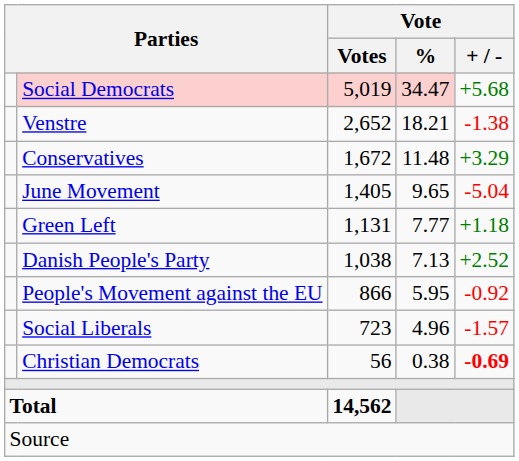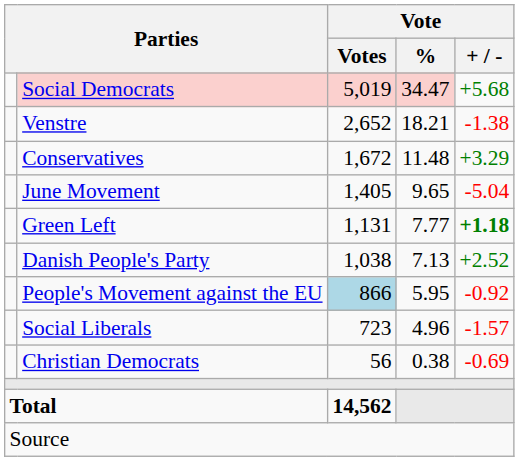 <table class="wikitable" style="text-align:right;">
 <tr>
 <th style="text-align:centre;" rowspan="2" colspan="2" width="225">Parties</th>
 <th colspan="3">Vote</th>
 </tr>
 <tr>
 <th width="15">Votes</th>
 <th width="15">%</th>
 <th width="15">+ / -</th>
 </tr>
 <tr>
 <td width="2" style="color:inherit;background:"></td>
 <td bgcolor=#fbd0ce   align="left"><a href='#'>Social Democrats</a></td>
 <td bgcolor=#fbd0ce>5,019</td>
 <td bgcolor=#fbd0ce>34.47</td>
 <td style=color:green;>+5.68</td>
 </tr>
 <tr>
 <td width="2" style="color:inherit;background:"></td>
 <td align="left"><a href='#'>Venstre</a></td>
 <td>2,652</td>
 <td>18.21</td>
 <td style=color:red;>-1.38</td>
 </tr>
 <tr>
 <td width="2" style="color:inherit;background:"></td>
 <td align="left"><a href='#'>Conservatives</a></td>
 <td>1,672</td>
 <td>11.48</td>
 <td style=color:green;>+3.29</td>
 </tr>
 <tr>
 <td width="2" style="color:inherit;background:"></td>
 <td align="left"><a href='#'>June Movement</a></td>
 <td>1,405</td>
 <td>9.65</td>
 <td style=color:red;>-5.04</td>
 </tr>
 <tr>
 <td width="2" style="color:inherit;background:"></td>
 <td align="left"><a href='#'>Green Left</a></td>
 <td>1,131</td>
 <td>7.77</td>
-<td style=color:green;>+1.18</td>
+<td style=color:green;><strong>+1.18</strong></td>
 </tr>
 <tr>
 <td width="2" style="color:inherit;background:"></td>
 <td align="left"><a href='#'>Danish People's Party</a></td>
 <td>1,038</td>
 <td>7.13</td>
 <td style=color:green;>+2.52</td>
 </tr>
 <tr>
 <td width="2" style="color:inherit;background:"></td>
 <td align="left"><a href='#'>People's Movement against the EU</a></td>
-<td>866</td>
+<td style="background: lightblue;">866</td>
 <td>5.95</td>
 <td style=color:red;>-0.92</td>
 </tr>
 <tr>
 <td width="2" style="color:inherit;background:"></td>
 <td align="left"><a href='#'>Social Liberals</a></td>
 <td>723</td>
 <td>4.96</td>
 <td style=color:red;>-1.57</td>
 </tr>
 <tr>
 <td width="2" style="color:inherit;background:"></td>
 <td align="left"><a href='#'>Christian Democrats</a></td>
 <td>56</td>
 <td>0.38</td>
-<td style=color:red;><strong>-0.69</strong></td>
+<td style=color:red;>-0.69</td>
 </tr>
 <tr>
 <td colspan="7" bgcolor="#E9E9E9"></td>
 </tr>
 <tr>
 <td align="left" colspan="2"><strong>Total</strong></td>
 <td><strong>14,562</strong></td>
 <td bgcolor="#E9E9E9" colspan="2"></td>
 </tr>
 <tr>
 <td align="left" colspan="6">Source</td>
 </tr>
 </table>
